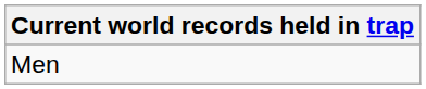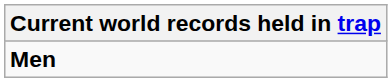 <table class="wikitable" style="font-size: 95%">
 <tr>
 <th colspan=7>Current world records held in <a href='#'>trap</a></th>
 </tr>
 <tr>
-<td>Men<br></td>
+<td><strong>Men<br></strong></td>
 </tr>
 </table>
